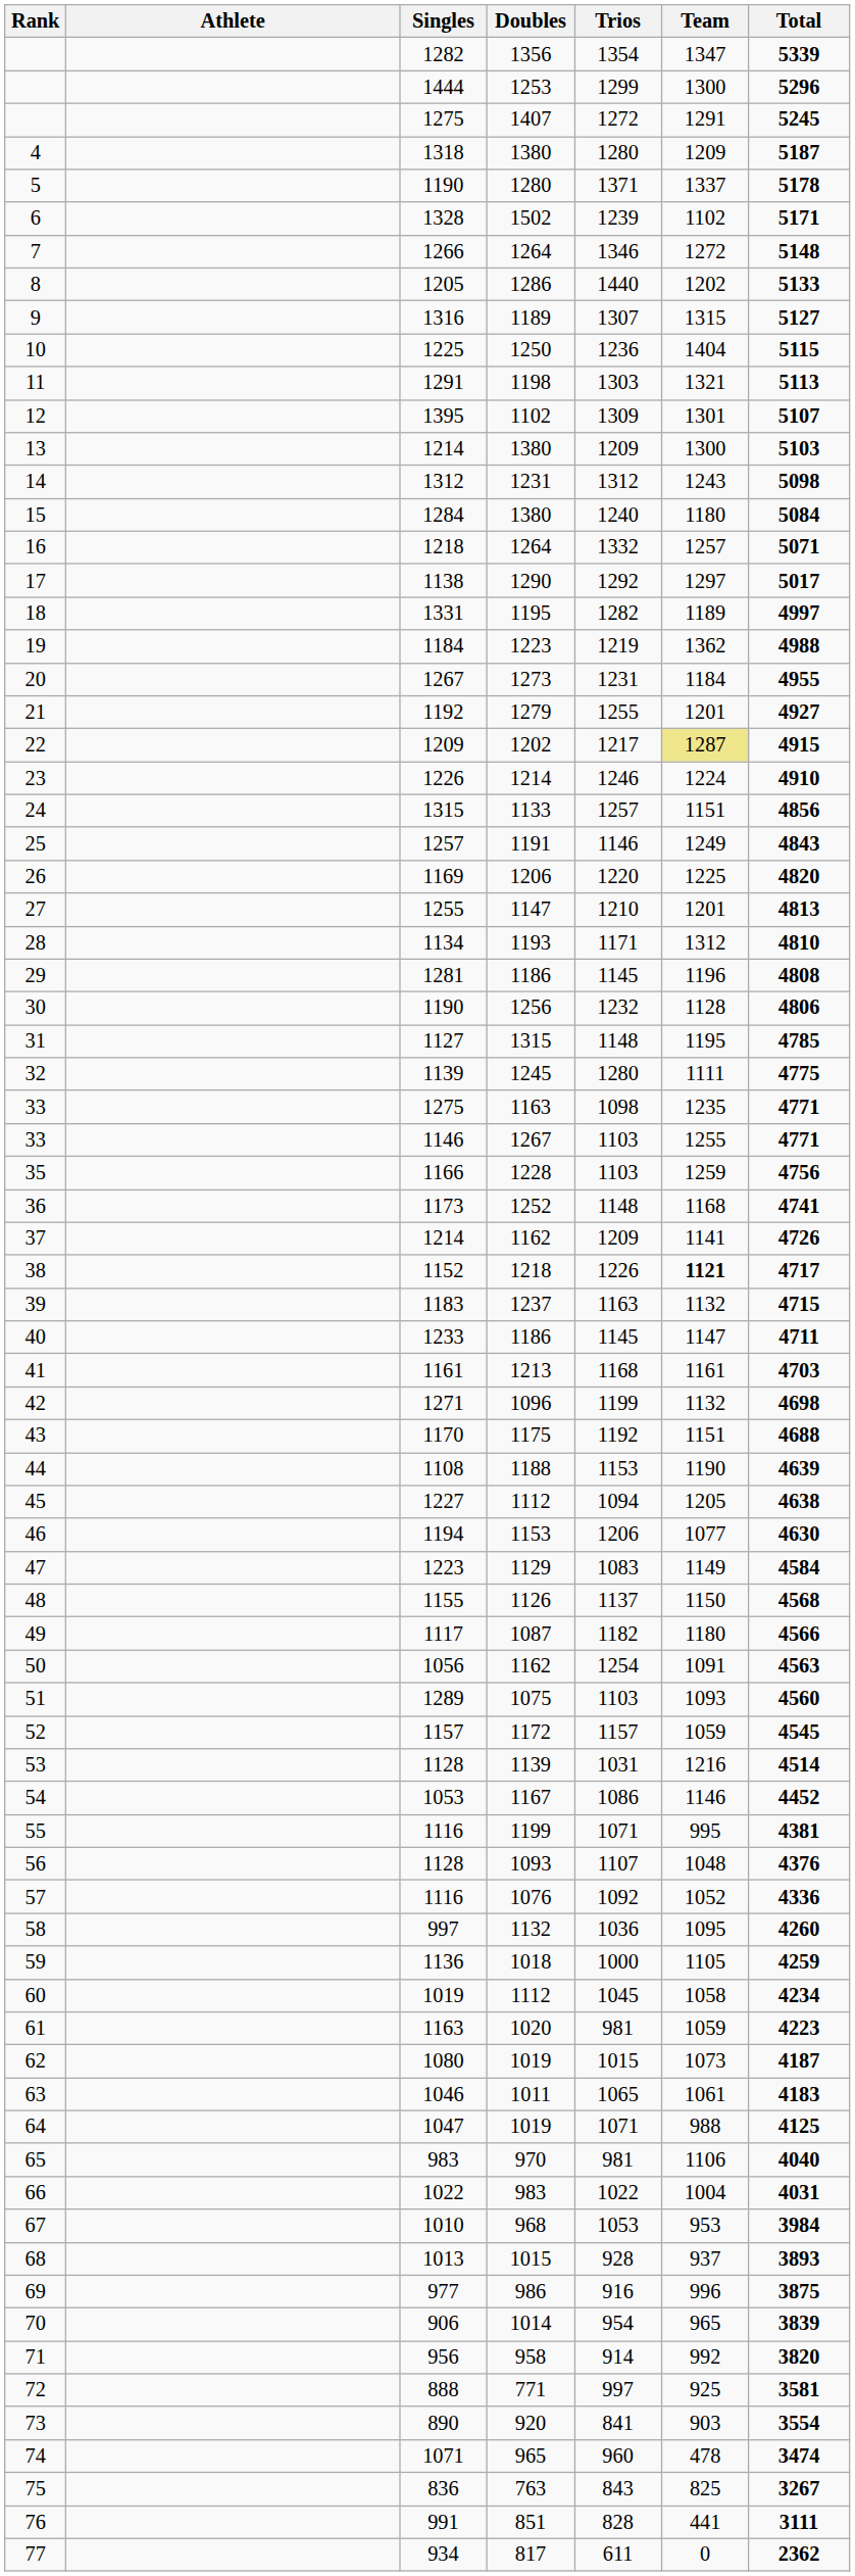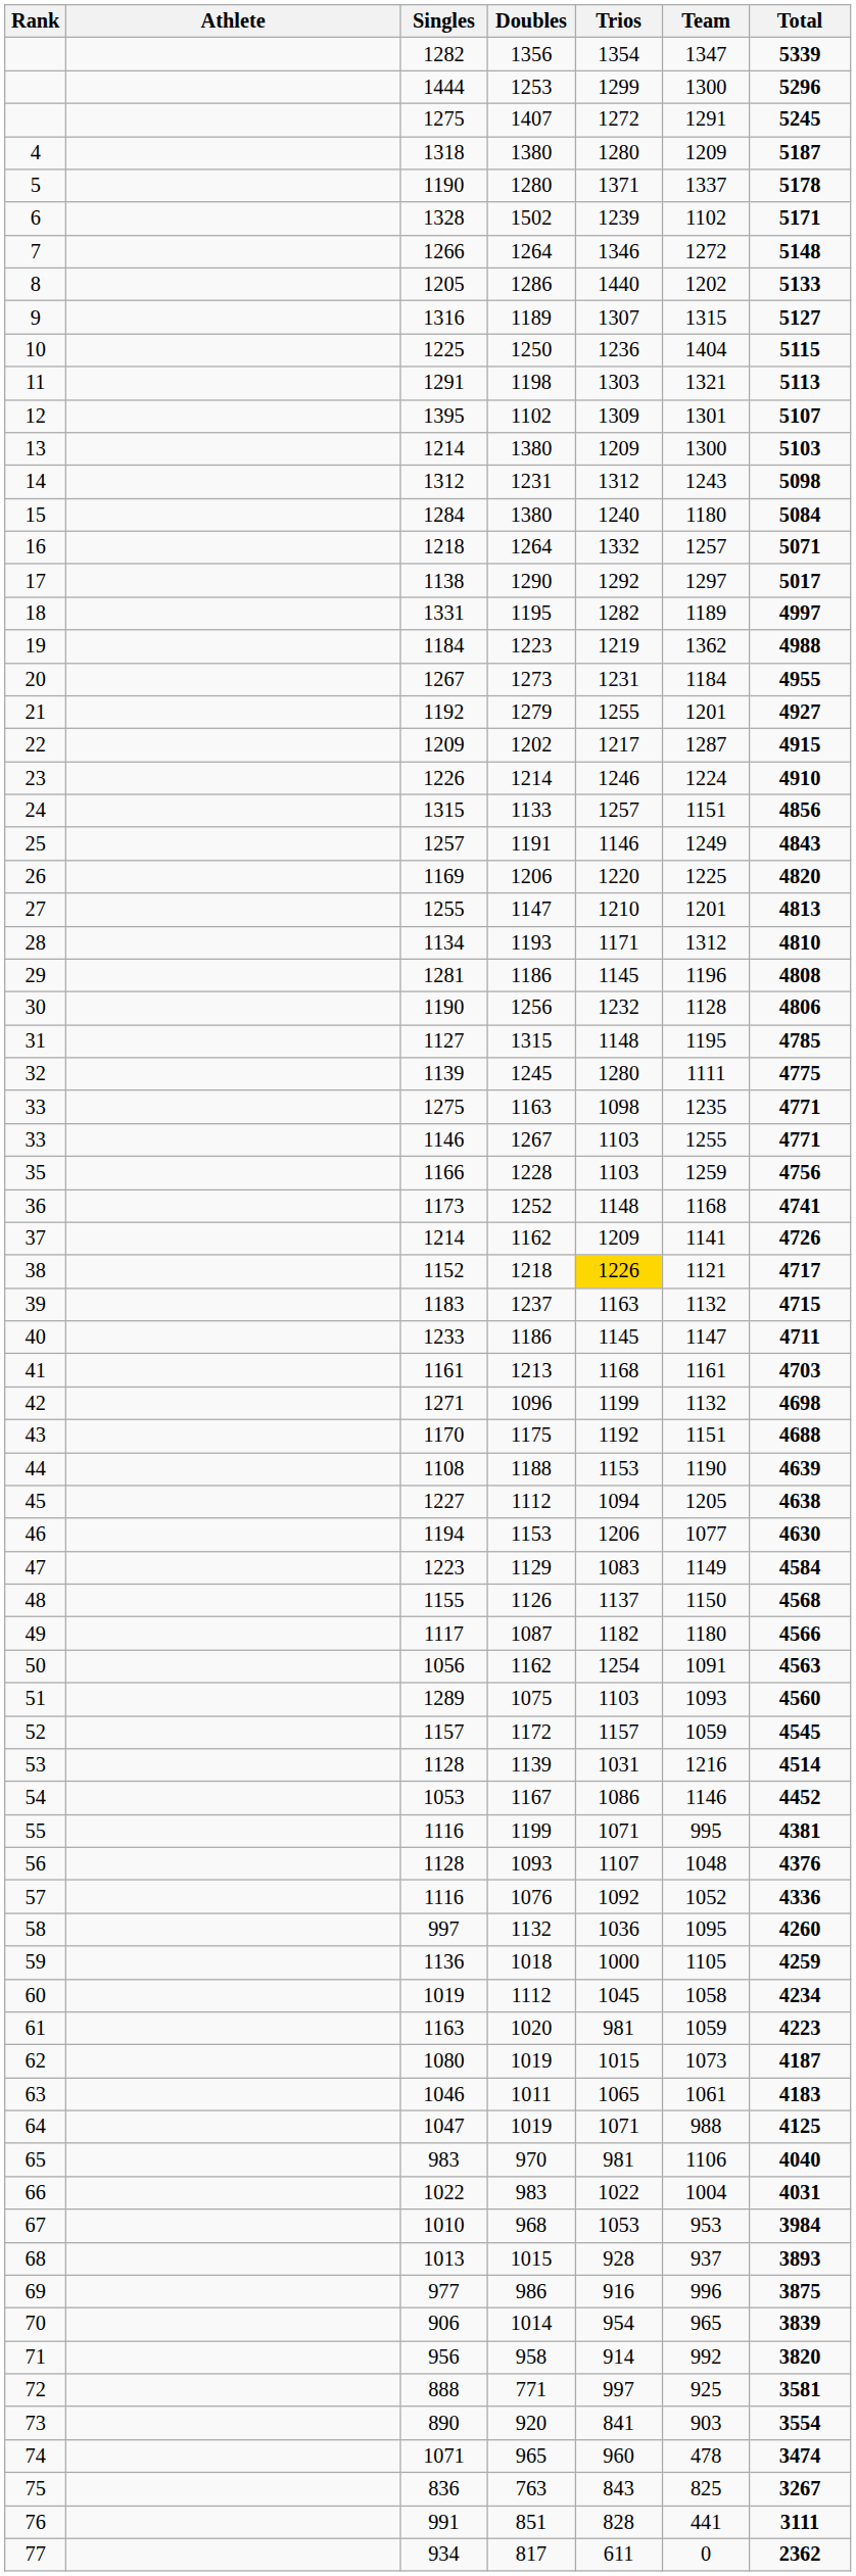 <table class=wikitable style="text-align:center">
 <tr>
 <th width=40>Rank</th>
 <th width=250>Athlete</th>
 <th width=60>Singles</th>
 <th width=60>Doubles</th>
 <th width=60>Trios</th>
 <th width=60>Team</th>
 <th width=70>Total</th>
 </tr>
 <tr>
 <td></td>
 <td align=left></td>
 <td>1282</td>
 <td>1356</td>
 <td>1354</td>
 <td>1347</td>
 <td><strong>5339</strong></td>
 </tr>
 <tr>
 <td></td>
 <td align=left></td>
 <td>1444</td>
 <td>1253</td>
 <td>1299</td>
 <td>1300</td>
 <td><strong>5296</strong></td>
 </tr>
 <tr>
 <td></td>
 <td align=left></td>
 <td>1275</td>
 <td>1407</td>
 <td>1272</td>
 <td>1291</td>
 <td><strong>5245</strong></td>
 </tr>
 <tr>
 <td>4</td>
 <td align=left></td>
 <td>1318</td>
 <td>1380</td>
 <td>1280</td>
 <td>1209</td>
 <td><strong>5187</strong></td>
 </tr>
 <tr>
 <td>5</td>
 <td align=left></td>
 <td>1190</td>
 <td>1280</td>
 <td>1371</td>
 <td>1337</td>
 <td><strong>5178</strong></td>
 </tr>
 <tr>
 <td>6</td>
 <td align=left></td>
 <td>1328</td>
 <td>1502</td>
 <td>1239</td>
 <td>1102</td>
 <td><strong>5171</strong></td>
 </tr>
 <tr>
 <td>7</td>
 <td align=left></td>
 <td>1266</td>
 <td>1264</td>
 <td>1346</td>
 <td>1272</td>
 <td><strong>5148</strong></td>
 </tr>
 <tr>
 <td>8</td>
 <td align=left></td>
 <td>1205</td>
 <td>1286</td>
 <td>1440</td>
 <td>1202</td>
 <td><strong>5133</strong></td>
 </tr>
 <tr>
 <td>9</td>
 <td align=left></td>
 <td>1316</td>
 <td>1189</td>
 <td>1307</td>
 <td>1315</td>
 <td><strong>5127</strong></td>
 </tr>
 <tr>
 <td>10</td>
 <td align=left></td>
 <td>1225</td>
 <td>1250</td>
 <td>1236</td>
 <td>1404</td>
 <td><strong>5115</strong></td>
 </tr>
 <tr>
 <td>11</td>
 <td align=left></td>
 <td>1291</td>
 <td>1198</td>
 <td>1303</td>
 <td>1321</td>
 <td><strong>5113</strong></td>
 </tr>
 <tr>
 <td>12</td>
 <td align=left></td>
 <td>1395</td>
 <td>1102</td>
 <td>1309</td>
 <td>1301</td>
 <td><strong>5107</strong></td>
 </tr>
 <tr>
 <td>13</td>
 <td align=left></td>
 <td>1214</td>
 <td>1380</td>
 <td>1209</td>
 <td>1300</td>
 <td><strong>5103</strong></td>
 </tr>
 <tr>
 <td>14</td>
 <td align=left></td>
 <td>1312</td>
 <td>1231</td>
 <td>1312</td>
 <td>1243</td>
 <td><strong>5098</strong></td>
 </tr>
 <tr>
 <td>15</td>
 <td align=left></td>
 <td>1284</td>
 <td>1380</td>
 <td>1240</td>
 <td>1180</td>
 <td><strong>5084</strong></td>
 </tr>
 <tr>
 <td>16</td>
 <td align=left></td>
 <td>1218</td>
 <td>1264</td>
 <td>1332</td>
 <td>1257</td>
 <td><strong>5071</strong></td>
 </tr>
 <tr>
 <td>17</td>
 <td align=left></td>
 <td>1138</td>
 <td>1290</td>
 <td>1292</td>
 <td>1297</td>
 <td><strong>5017</strong></td>
 </tr>
 <tr>
 <td>18</td>
 <td align=left></td>
 <td>1331</td>
 <td>1195</td>
 <td>1282</td>
 <td>1189</td>
 <td><strong>4997</strong></td>
 </tr>
 <tr>
 <td>19</td>
 <td align=left></td>
 <td>1184</td>
 <td>1223</td>
 <td>1219</td>
 <td>1362</td>
 <td><strong>4988</strong></td>
 </tr>
 <tr>
 <td>20</td>
 <td align=left></td>
 <td>1267</td>
 <td>1273</td>
 <td>1231</td>
 <td>1184</td>
 <td><strong>4955</strong></td>
 </tr>
 <tr>
 <td>21</td>
 <td align=left></td>
 <td>1192</td>
 <td>1279</td>
 <td>1255</td>
 <td>1201</td>
 <td><strong>4927</strong></td>
 </tr>
 <tr>
 <td>22</td>
 <td align=left></td>
 <td>1209</td>
 <td>1202</td>
 <td>1217</td>
-<td style="background: khaki;">1287</td>
+<td>1287</td>
 <td><strong>4915</strong></td>
 </tr>
 <tr>
 <td>23</td>
 <td align=left></td>
 <td>1226</td>
 <td>1214</td>
 <td>1246</td>
 <td>1224</td>
 <td><strong>4910</strong></td>
 </tr>
 <tr>
 <td>24</td>
 <td align=left></td>
 <td>1315</td>
 <td>1133</td>
 <td>1257</td>
 <td>1151</td>
 <td><strong>4856</strong></td>
 </tr>
 <tr>
 <td>25</td>
 <td align=left></td>
 <td>1257</td>
 <td>1191</td>
 <td>1146</td>
 <td>1249</td>
 <td><strong>4843</strong></td>
 </tr>
 <tr>
 <td>26</td>
 <td align=left></td>
 <td>1169</td>
 <td>1206</td>
 <td>1220</td>
 <td>1225</td>
 <td><strong>4820</strong></td>
 </tr>
 <tr>
 <td>27</td>
 <td align=left></td>
 <td>1255</td>
 <td>1147</td>
 <td>1210</td>
 <td>1201</td>
 <td><strong>4813</strong></td>
 </tr>
 <tr>
 <td>28</td>
 <td align=left></td>
 <td>1134</td>
 <td>1193</td>
 <td>1171</td>
 <td>1312</td>
 <td><strong>4810</strong></td>
 </tr>
 <tr>
 <td>29</td>
 <td align=left></td>
 <td>1281</td>
 <td>1186</td>
 <td>1145</td>
 <td>1196</td>
 <td><strong>4808</strong></td>
 </tr>
 <tr>
 <td>30</td>
 <td align=left></td>
 <td>1190</td>
 <td>1256</td>
 <td>1232</td>
 <td>1128</td>
 <td><strong>4806</strong></td>
 </tr>
 <tr>
 <td>31</td>
 <td align=left></td>
 <td>1127</td>
 <td>1315</td>
 <td>1148</td>
 <td>1195</td>
 <td><strong>4785</strong></td>
 </tr>
 <tr>
 <td>32</td>
 <td align=left></td>
 <td>1139</td>
 <td>1245</td>
 <td>1280</td>
 <td>1111</td>
 <td><strong>4775</strong></td>
 </tr>
 <tr>
 <td>33</td>
 <td align=left></td>
 <td>1275</td>
 <td>1163</td>
 <td>1098</td>
 <td>1235</td>
 <td><strong>4771</strong></td>
 </tr>
 <tr>
 <td>33</td>
 <td align=left></td>
 <td>1146</td>
 <td>1267</td>
 <td>1103</td>
 <td>1255</td>
 <td><strong>4771</strong></td>
 </tr>
 <tr>
 <td>35</td>
 <td align=left></td>
 <td>1166</td>
 <td>1228</td>
 <td>1103</td>
 <td>1259</td>
 <td><strong>4756</strong></td>
 </tr>
 <tr>
 <td>36</td>
 <td align=left></td>
 <td>1173</td>
 <td>1252</td>
 <td>1148</td>
 <td>1168</td>
 <td><strong>4741</strong></td>
 </tr>
 <tr>
 <td>37</td>
 <td align=left></td>
 <td>1214</td>
 <td>1162</td>
 <td>1209</td>
 <td>1141</td>
 <td><strong>4726</strong></td>
 </tr>
 <tr>
 <td>38</td>
 <td align=left></td>
 <td>1152</td>
 <td>1218</td>
-<td>1226</td>
-<td><strong>1121</strong></td>
+<td style="background: gold;">1226</td>
+<td>1121</td>
 <td><strong>4717</strong></td>
 </tr>
 <tr>
 <td>39</td>
 <td align=left></td>
 <td>1183</td>
 <td>1237</td>
 <td>1163</td>
 <td>1132</td>
 <td><strong>4715</strong></td>
 </tr>
 <tr>
 <td>40</td>
 <td align=left></td>
 <td>1233</td>
 <td>1186</td>
 <td>1145</td>
 <td>1147</td>
 <td><strong>4711</strong></td>
 </tr>
 <tr>
 <td>41</td>
 <td align=left></td>
 <td>1161</td>
 <td>1213</td>
 <td>1168</td>
 <td>1161</td>
 <td><strong>4703</strong></td>
 </tr>
 <tr>
 <td>42</td>
 <td align=left></td>
 <td>1271</td>
 <td>1096</td>
 <td>1199</td>
 <td>1132</td>
 <td><strong>4698</strong></td>
 </tr>
 <tr>
 <td>43</td>
 <td align=left></td>
 <td>1170</td>
 <td>1175</td>
 <td>1192</td>
 <td>1151</td>
 <td><strong>4688</strong></td>
 </tr>
 <tr>
 <td>44</td>
 <td align=left></td>
 <td>1108</td>
 <td>1188</td>
 <td>1153</td>
 <td>1190</td>
 <td><strong>4639</strong></td>
 </tr>
 <tr>
 <td>45</td>
 <td align=left></td>
 <td>1227</td>
 <td>1112</td>
 <td>1094</td>
 <td>1205</td>
 <td><strong>4638</strong></td>
 </tr>
 <tr>
 <td>46</td>
 <td align=left></td>
 <td>1194</td>
 <td>1153</td>
 <td>1206</td>
 <td>1077</td>
 <td><strong>4630</strong></td>
 </tr>
 <tr>
 <td>47</td>
 <td align=left></td>
 <td>1223</td>
 <td>1129</td>
 <td>1083</td>
 <td>1149</td>
 <td><strong>4584</strong></td>
 </tr>
 <tr>
 <td>48</td>
 <td align=left></td>
 <td>1155</td>
 <td>1126</td>
 <td>1137</td>
 <td>1150</td>
 <td><strong>4568</strong></td>
 </tr>
 <tr>
 <td>49</td>
 <td align=left></td>
 <td>1117</td>
 <td>1087</td>
 <td>1182</td>
 <td>1180</td>
 <td><strong>4566</strong></td>
 </tr>
 <tr>
 <td>50</td>
 <td align=left></td>
 <td>1056</td>
 <td>1162</td>
 <td>1254</td>
 <td>1091</td>
 <td><strong>4563</strong></td>
 </tr>
 <tr>
 <td>51</td>
 <td align=left></td>
 <td>1289</td>
 <td>1075</td>
 <td>1103</td>
 <td>1093</td>
 <td><strong>4560</strong></td>
 </tr>
 <tr>
 <td>52</td>
 <td align=left></td>
 <td>1157</td>
 <td>1172</td>
 <td>1157</td>
 <td>1059</td>
 <td><strong>4545</strong></td>
 </tr>
 <tr>
 <td>53</td>
 <td align=left></td>
 <td>1128</td>
 <td>1139</td>
 <td>1031</td>
 <td>1216</td>
 <td><strong>4514</strong></td>
 </tr>
 <tr>
 <td>54</td>
 <td align=left></td>
 <td>1053</td>
 <td>1167</td>
 <td>1086</td>
 <td>1146</td>
 <td><strong>4452</strong></td>
 </tr>
 <tr>
 <td>55</td>
 <td align=left></td>
 <td>1116</td>
 <td>1199</td>
 <td>1071</td>
 <td>995</td>
 <td><strong>4381</strong></td>
 </tr>
 <tr>
 <td>56</td>
 <td align=left></td>
 <td>1128</td>
 <td>1093</td>
 <td>1107</td>
 <td>1048</td>
 <td><strong>4376</strong></td>
 </tr>
 <tr>
 <td>57</td>
 <td align=left></td>
 <td>1116</td>
 <td>1076</td>
 <td>1092</td>
 <td>1052</td>
 <td><strong>4336</strong></td>
 </tr>
 <tr>
 <td>58</td>
 <td align=left></td>
 <td>997</td>
 <td>1132</td>
 <td>1036</td>
 <td>1095</td>
 <td><strong>4260</strong></td>
 </tr>
 <tr>
 <td>59</td>
 <td align=left></td>
 <td>1136</td>
 <td>1018</td>
 <td>1000</td>
 <td>1105</td>
 <td><strong>4259</strong></td>
 </tr>
 <tr>
 <td>60</td>
 <td align=left></td>
 <td>1019</td>
 <td>1112</td>
 <td>1045</td>
 <td>1058</td>
 <td><strong>4234</strong></td>
 </tr>
 <tr>
 <td>61</td>
 <td align=left></td>
 <td>1163</td>
 <td>1020</td>
 <td>981</td>
 <td>1059</td>
 <td><strong>4223</strong></td>
 </tr>
 <tr>
 <td>62</td>
 <td align=left></td>
 <td>1080</td>
 <td>1019</td>
 <td>1015</td>
 <td>1073</td>
 <td><strong>4187</strong></td>
 </tr>
 <tr>
 <td>63</td>
 <td align=left></td>
 <td>1046</td>
 <td>1011</td>
 <td>1065</td>
 <td>1061</td>
 <td><strong>4183</strong></td>
 </tr>
 <tr>
 <td>64</td>
 <td align=left></td>
 <td>1047</td>
 <td>1019</td>
 <td>1071</td>
 <td>988</td>
 <td><strong>4125</strong></td>
 </tr>
 <tr>
 <td>65</td>
 <td align=left></td>
 <td>983</td>
 <td>970</td>
 <td>981</td>
 <td>1106</td>
 <td><strong>4040</strong></td>
 </tr>
 <tr>
 <td>66</td>
 <td align=left></td>
 <td>1022</td>
 <td>983</td>
 <td>1022</td>
 <td>1004</td>
 <td><strong>4031</strong></td>
 </tr>
 <tr>
 <td>67</td>
 <td align=left></td>
 <td>1010</td>
 <td>968</td>
 <td>1053</td>
 <td>953</td>
 <td><strong>3984</strong></td>
 </tr>
 <tr>
 <td>68</td>
 <td align=left></td>
 <td>1013</td>
 <td>1015</td>
 <td>928</td>
 <td>937</td>
 <td><strong>3893</strong></td>
 </tr>
 <tr>
 <td>69</td>
 <td align=left></td>
 <td>977</td>
 <td>986</td>
 <td>916</td>
 <td>996</td>
 <td><strong>3875</strong></td>
 </tr>
 <tr>
 <td>70</td>
 <td align=left></td>
 <td>906</td>
 <td>1014</td>
 <td>954</td>
 <td>965</td>
 <td><strong>3839</strong></td>
 </tr>
 <tr>
 <td>71</td>
 <td align=left></td>
 <td>956</td>
 <td>958</td>
 <td>914</td>
 <td>992</td>
 <td><strong>3820</strong></td>
 </tr>
 <tr>
 <td>72</td>
 <td align=left></td>
 <td>888</td>
 <td>771</td>
 <td>997</td>
 <td>925</td>
 <td><strong>3581</strong></td>
 </tr>
 <tr>
 <td>73</td>
 <td align=left></td>
 <td>890</td>
 <td>920</td>
 <td>841</td>
 <td>903</td>
 <td><strong>3554</strong></td>
 </tr>
 <tr>
 <td>74</td>
 <td align=left></td>
 <td>1071</td>
 <td>965</td>
 <td>960</td>
 <td>478</td>
 <td><strong>3474</strong></td>
 </tr>
 <tr>
 <td>75</td>
 <td align=left></td>
 <td>836</td>
 <td>763</td>
 <td>843</td>
 <td>825</td>
 <td><strong>3267</strong></td>
 </tr>
 <tr>
 <td>76</td>
 <td align=left></td>
 <td>991</td>
 <td>851</td>
 <td>828</td>
 <td>441</td>
 <td><strong>3111</strong></td>
 </tr>
 <tr>
 <td>77</td>
 <td align=left></td>
 <td>934</td>
 <td>817</td>
 <td>611</td>
 <td>0</td>
 <td><strong>2362</strong></td>
 </tr>
 </table>
